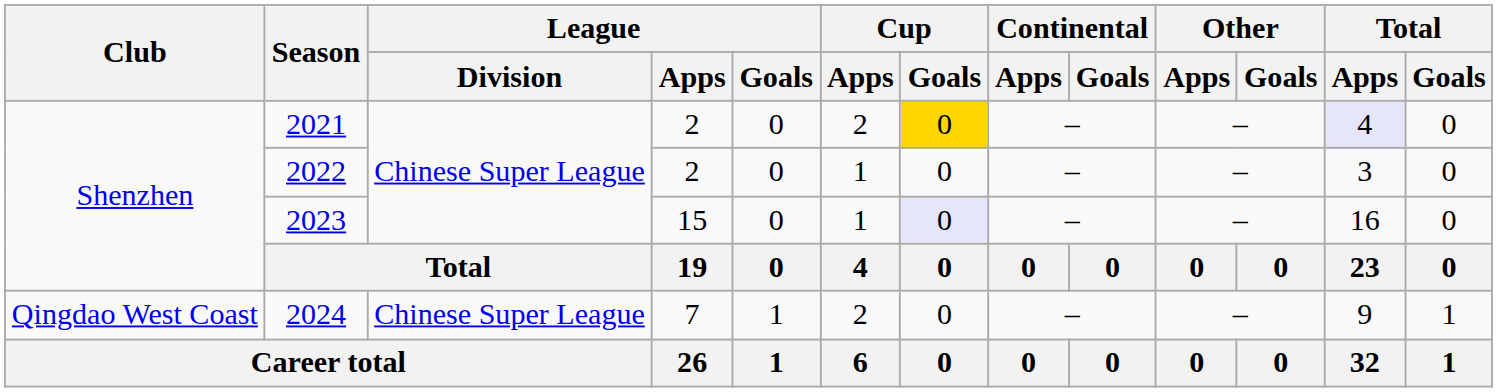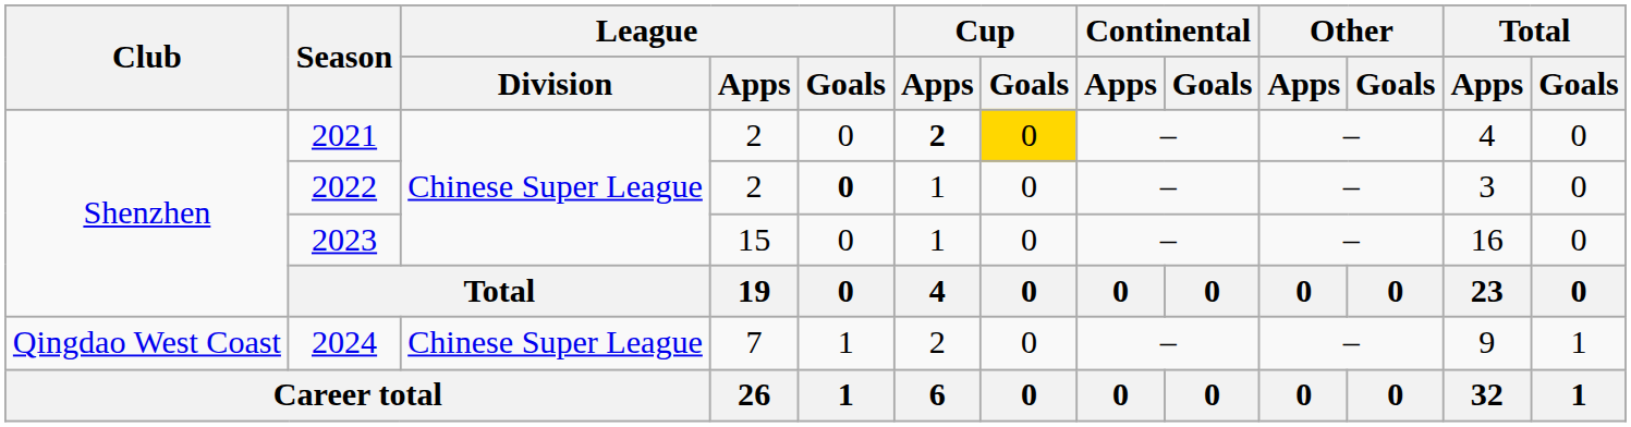 <table class="wikitable" style="text-align: center">
 <tr>
 <th rowspan="2">Club</th>
 <th rowspan="2">Season</th>
 <th colspan="3">League</th>
 <th colspan="2">Cup</th>
 <th colspan="2">Continental</th>
 <th colspan="2">Other</th>
 <th colspan="2">Total</th>
 </tr>
 <tr>
 <th>Division</th>
 <th>Apps</th>
 <th>Goals</th>
 <th>Apps</th>
 <th>Goals</th>
 <th>Apps</th>
 <th>Goals</th>
 <th>Apps</th>
 <th>Goals</th>
 <th>Apps</th>
 <th>Goals</th>
 </tr>
 <tr>
 <td rowspan=4><a href='#'>Shenzhen</a></td>
 <td><a href='#'>2021</a></td>
 <td rowspan=3><a href='#'>Chinese Super League</a></td>
 <td>2</td>
 <td>0</td>
-<td>2</td>
+<td><strong>2</strong></td>
 <td style="background: gold;">0</td>
 <td colspan="2">–</td>
 <td colspan="2">–</td>
-<td style="background: lavender;">4</td>
+<td>4</td>
 <td>0</td>
 </tr>
 <tr>
 <td><a href='#'>2022</a></td>
 <td>2</td>
-<td>0</td>
+<td><strong>0</strong></td>
 <td>1</td>
 <td>0</td>
 <td colspan="2">–</td>
 <td colspan="2">–</td>
 <td>3</td>
 <td>0</td>
 </tr>
 <tr>
 <td><a href='#'>2023</a></td>
 <td>15</td>
 <td>0</td>
 <td>1</td>
-<td style="background: lavender;">0</td>
+<td>0</td>
 <td colspan="2">–</td>
 <td colspan="2">–</td>
 <td>16</td>
 <td>0</td>
 </tr>
 <tr>
 <th colspan=2>Total</th>
 <th>19</th>
 <th>0</th>
 <th>4</th>
 <th>0</th>
 <th>0</th>
 <th>0</th>
 <th>0</th>
 <th>0</th>
 <th>23</th>
 <th>0</th>
 </tr>
 <tr>
 <td><a href='#'>Qingdao West Coast</a></td>
 <td><a href='#'>2024</a></td>
 <td><a href='#'>Chinese Super League</a></td>
 <td>7</td>
 <td>1</td>
 <td>2</td>
 <td>0</td>
 <td colspan="2">–</td>
 <td colspan="2">–</td>
 <td>9</td>
 <td>1</td>
 </tr>
 <tr>
 <th colspan=3>Career total</th>
 <th>26</th>
 <th>1</th>
 <th>6</th>
 <th>0</th>
 <th>0</th>
 <th>0</th>
 <th>0</th>
 <th>0</th>
 <th>32</th>
 <th>1</th>
 </tr>
 </table>
